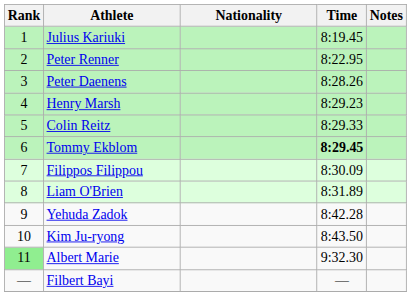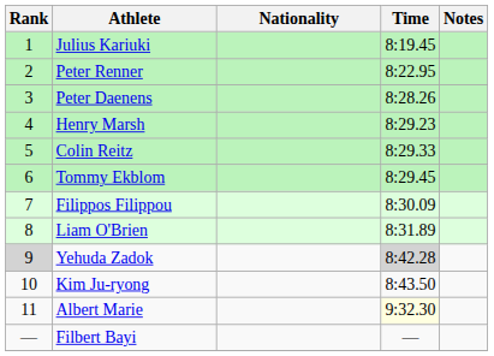 <table class="wikitable sortable" style="text-align:center">
 <tr>
 <th width=30>Rank</th>
 <th width=150>Athlete</th>
 <th width=150>Nationality</th>
 <th width=30>Time</th>
 <th width=30>Notes</th>
 </tr>
 <tr bgcolor=bbf3bb>
 <td>1</td>
 <td align="left"><a href='#'>Julius Kariuki</a></td>
 <td align="left"></td>
 <td>8:19.45</td>
 <td></td>
 </tr>
 <tr bgcolor=bbf3bb>
 <td>2</td>
 <td align="left"><a href='#'>Peter Renner</a></td>
 <td align="left"></td>
 <td>8:22.95</td>
 <td></td>
 </tr>
 <tr bgcolor=bbf3bb>
 <td>3</td>
 <td align="left"><a href='#'>Peter Daenens</a></td>
 <td align="left"></td>
 <td>8:28.26</td>
 <td></td>
 </tr>
 <tr bgcolor=bbf3bb>
 <td>4</td>
 <td align="left"><a href='#'>Henry Marsh</a></td>
 <td align="left"></td>
 <td>8:29.23</td>
 <td></td>
 </tr>
 <tr bgcolor=bbf3bb>
 <td>5</td>
 <td align="left"><a href='#'>Colin Reitz</a></td>
 <td align="left"></td>
 <td>8:29.33</td>
 <td></td>
 </tr>
 <tr bgcolor=bbf3bb>
 <td>6</td>
 <td align="left"><a href='#'>Tommy Ekblom</a></td>
 <td align="left"></td>
-<td><strong>8:29.45</strong></td>
+<td>8:29.45</td>
 <td></td>
 </tr>
 <tr bgcolor=#ddffdd>
 <td>7</td>
 <td align="left"><a href='#'>Filippos Filippou</a></td>
 <td align="left"></td>
 <td>8:30.09</td>
 <td></td>
 </tr>
 <tr bgcolor=#ddffdd>
 <td>8</td>
 <td align="left"><a href='#'>Liam O'Brien</a></td>
 <td align="left"></td>
 <td>8:31.89</td>
 <td></td>
 </tr>
 <tr>
-<td>9</td>
+<td style="background: lightgrey;">9</td>
 <td align="left"><a href='#'>Yehuda Zadok</a></td>
 <td align="left"></td>
-<td>8:42.28</td>
+<td style="background: lightgrey;">8:42.28</td>
 <td></td>
 </tr>
 <tr>
 <td>10</td>
 <td align="left"><a href='#'>Kim Ju-ryong</a></td>
 <td align="left"></td>
 <td>8:43.50</td>
 <td></td>
 </tr>
 <tr>
-<td style="background: lightgreen;">11</td>
+<td>11</td>
 <td align="left"><a href='#'>Albert Marie</a></td>
 <td align="left"></td>
-<td>9:32.30</td>
+<td style="background: lightyellow;">9:32.30</td>
 <td></td>
 </tr>
 <tr>
 <td>—</td>
 <td align="left"><a href='#'>Filbert Bayi</a></td>
 <td align="left"></td>
 <td>—</td>
 <td></td>
 </tr>
 <tr>
 </tr>
 </table>
